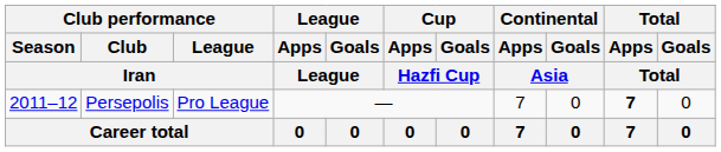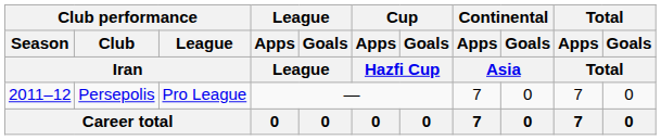 <table class="wikitable" style="text-align:center">
 <tr>
 <th colspan=3>Club performance</th>
 <th colspan=2>League</th>
 <th colspan=2>Cup</th>
 <th colspan=2>Continental</th>
 <th colspan=2>Total</th>
 </tr>
 <tr>
 <th>Season</th>
 <th>Club</th>
 <th>League</th>
 <th>Apps</th>
 <th>Goals</th>
 <th>Apps</th>
 <th>Goals</th>
 <th>Apps</th>
 <th>Goals</th>
 <th>Apps</th>
 <th>Goals</th>
 </tr>
 <tr>
 <th colspan=3>Iran</th>
 <th colspan=2>League</th>
 <th colspan=2><a href='#'>Hazfi Cup</a></th>
 <th colspan=2><a href='#'>Asia</a></th>
 <th colspan=2>Total</th>
 </tr>
 <tr>
 <td><a href='#'>2011–12</a></td>
 <td><a href='#'>Persepolis</a></td>
 <td><a href='#'>Pro League</a></td>
 <td colspan="4">—</td>
 <td>7</td>
 <td>0</td>
-<td><strong>7</strong></td>
+<td>7</td>
 <td>0</td>
 </tr>
 <tr>
 <th colspan=3>Career total</th>
 <th>0</th>
 <th>0</th>
 <th>0</th>
 <th>0</th>
 <th>7</th>
 <th>0</th>
 <th>7</th>
 <th>0</th>
 </tr>
 </table>
